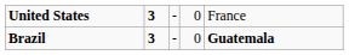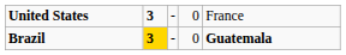 <table class="wikitable">
 <tr>
 <td width=150> <strong>United States</strong></td>
 <td style="width:20px; text-align:left;"><strong>3</strong></td>
 <td>-</td>
 <td style="width:20px; text-align:right;">0</td>
 <td width=150> France</td>
 </tr>
 <tr>
 <td> <strong>Brazil</strong></td>
-<td style="text-align:left;"><strong>3</strong></td>
+<td style="background: gold; text-align:left;"><strong>3</strong></td>
 <td>-</td>
 <td style="text-align:right;">0</td>
 <td><strong> Guatemala</strong></td>
 </tr>
 </table>
